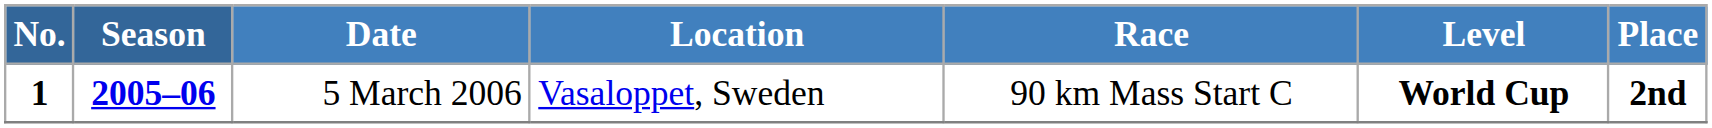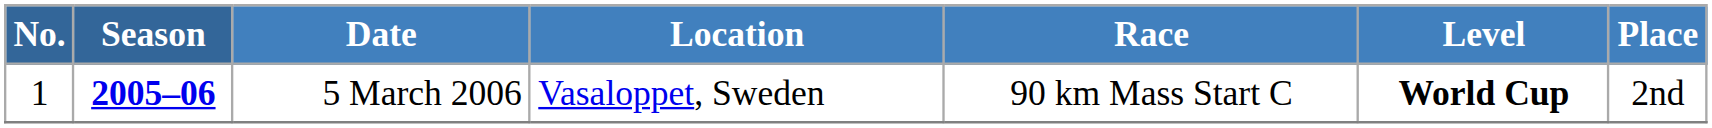 <table class="wikitable sortable" style="font-size:95%; text-align:center; border:grey solid 1px; border-collapse:collapse; background:#ffffff;">
 <tr style="background:#efefef;">
 <th style="background-color:#369; color:white;">No.</th>
 <th style="background-color:#369; color:white;">Season</th>
 <th style="background-color:#4180be; color:white; width:120px;">Date</th>
 <th style="background-color:#4180be; color:white; width:170px;">Location</th>
 <th style="background-color:#4180be; color:white; width:170px;">Race</th>
 <th style="background-color:#4180be; color:white; width:100px;">Level</th>
 <th style="background-color:#4180be; color:white;">Place</th>
 </tr>
 <tr>
-<td align=center><strong>1</strong></td>
+<td align=center>1</td>
 <td rowspan="1" align="center"><strong> <a href='#'>2005–06</a> </strong></td>
 <td align=right>5 March 2006</td>
 <td align=left> <a href='#'>Vasaloppet</a>, Sweden</td>
 <td>90 km Mass Start C</td>
 <td><strong>World Cup</strong></td>
-<td><strong>2nd</strong></td>
+<td>2nd</td>
 </tr>
 <tr>
 </tr>
 </table>
